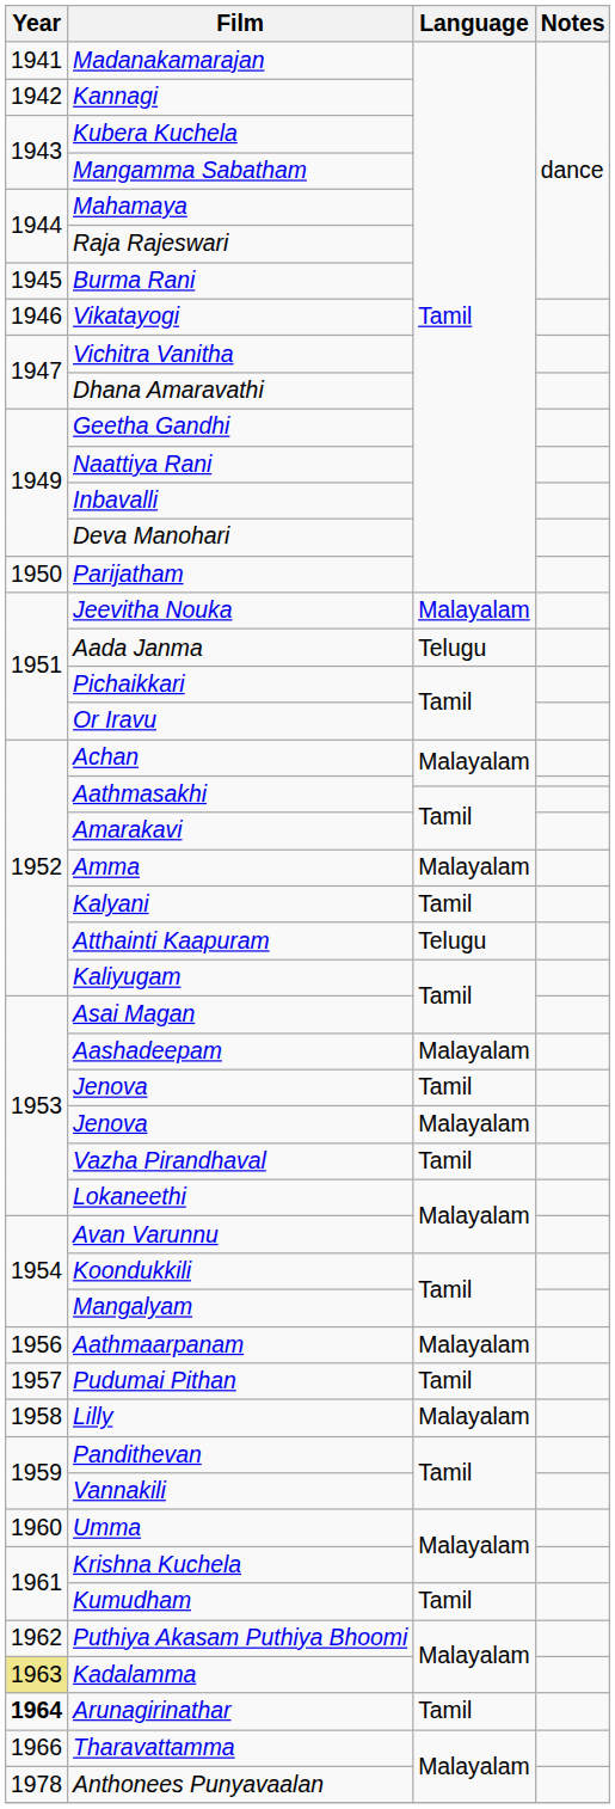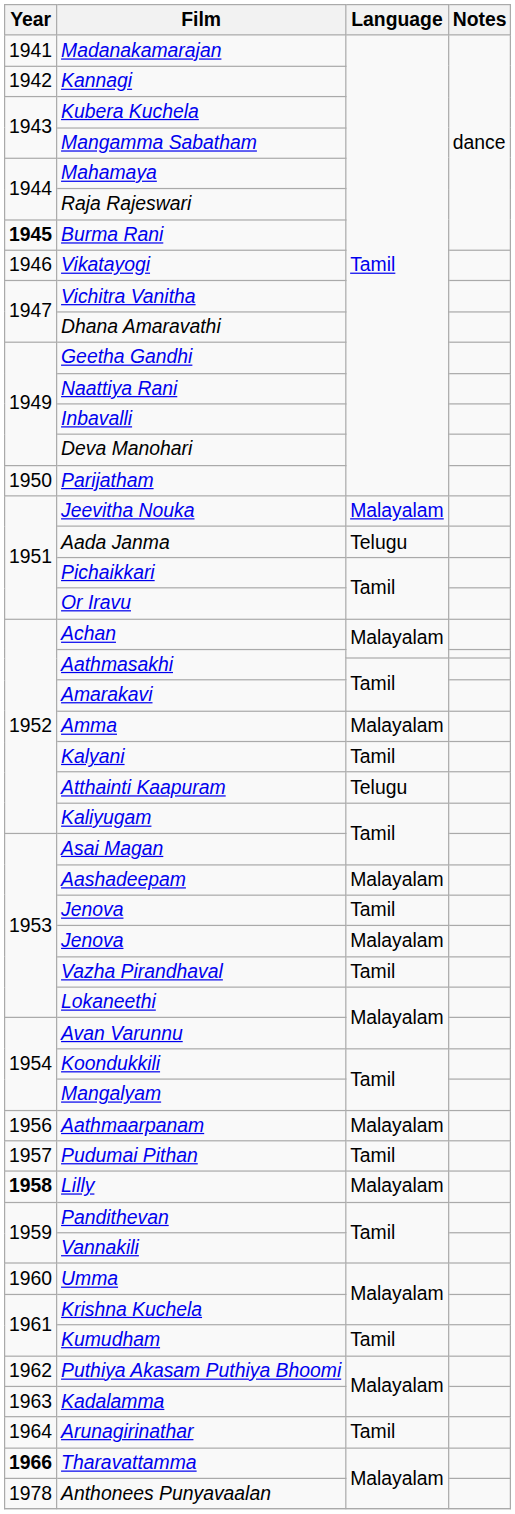 <table class="wikitable">
 <tr>
 <th>Year</th>
 <th>Film</th>
 <th>Language</th>
 <th>Notes</th>
 </tr>
 <tr>
 <td>1941</td>
 <td><em><a href='#'>Madanakamarajan</a></em></td>
 <td rowspan="15"><a href='#'>Tamil</a></td>
 <td rowspan="7">dance</td>
 </tr>
 <tr>
 <td>1942</td>
 <td><em><a href='#'>Kannagi</a></em></td>
 </tr>
 <tr>
 <td rowspan=2>1943</td>
 <td><em><a href='#'>Kubera Kuchela</a></em></td>
 </tr>
 <tr>
 <td><em><a href='#'>Mangamma Sabatham</a></em></td>
 </tr>
 <tr>
 <td rowspan=2>1944</td>
 <td><em><a href='#'>Mahamaya</a></em></td>
 </tr>
 <tr>
 <td><em>Raja Rajeswari</em></td>
 </tr>
 <tr>
-<td>1945</td>
+<td><strong>1945</strong></td>
 <td><em><a href='#'>Burma Rani</a></em></td>
 </tr>
 <tr>
 <td>1946</td>
 <td><em><a href='#'>Vikatayogi</a></em></td>
 <td></td>
 </tr>
 <tr>
 <td rowspan=2>1947</td>
 <td><em><a href='#'>Vichitra Vanitha</a></em></td>
 <td></td>
 </tr>
 <tr>
 <td><em>Dhana Amaravathi</em></td>
 <td></td>
 </tr>
 <tr>
 <td rowspan=4>1949</td>
 <td><em><a href='#'>Geetha Gandhi</a></em></td>
 <td></td>
 </tr>
 <tr>
 <td><em><a href='#'>Naattiya Rani</a></em></td>
 <td></td>
 </tr>
 <tr>
 <td><em><a href='#'>Inbavalli</a></em></td>
 <td></td>
 </tr>
 <tr>
 <td><em>Deva Manohari</em></td>
 <td></td>
 </tr>
 <tr>
 <td>1950</td>
 <td><em><a href='#'>Parijatham</a></em></td>
 <td></td>
 </tr>
 <tr>
 <td rowspan=4>1951</td>
 <td><em><a href='#'>Jeevitha Nouka</a></em></td>
 <td><a href='#'>Malayalam</a></td>
 <td></td>
 </tr>
 <tr>
 <td><em>Aada Janma</em></td>
 <td>Telugu</td>
 <td></td>
 </tr>
 <tr>
 <td><em><a href='#'>Pichaikkari</a></em></td>
 <td rowspan="2">Tamil</td>
 <td></td>
 </tr>
 <tr>
 <td><em><a href='#'>Or Iravu</a></em></td>
 <td></td>
 </tr>
 <tr>
 <td rowspan=8>1952</td>
 <td><em><a href='#'>Achan</a></em></td>
 <td rowspan="2">Malayalam</td>
 <td></td>
 </tr>
 <tr>
 <td rowspan="2"><em><a href='#'>Aathmasakhi</a></em></td>
 <td></td>
 </tr>
 <tr>
 <td rowspan="2">Tamil</td>
 <td></td>
 </tr>
 <tr>
 <td><em><a href='#'>Amarakavi</a></em></td>
 <td></td>
 </tr>
 <tr>
 <td><em><a href='#'>Amma</a></em></td>
 <td>Malayalam</td>
 <td></td>
 </tr>
 <tr>
 <td><em><a href='#'>Kalyani</a></em></td>
 <td>Tamil</td>
 <td></td>
 </tr>
 <tr>
 <td><em><a href='#'>Atthainti Kaapuram</a></em></td>
 <td>Telugu</td>
 <td></td>
 </tr>
 <tr>
 <td><em><a href='#'>Kaliyugam</a></em></td>
 <td rowspan="2">Tamil</td>
 <td></td>
 </tr>
 <tr>
 <td rowspan=6>1953</td>
 <td><em><a href='#'>Asai Magan</a></em></td>
 <td></td>
 </tr>
 <tr>
 <td><em><a href='#'>Aashadeepam</a></em></td>
 <td>Malayalam</td>
 <td></td>
 </tr>
 <tr>
 <td><em><a href='#'>Jenova</a></em></td>
 <td>Tamil</td>
 <td></td>
 </tr>
 <tr>
 <td><em><a href='#'>Jenova</a></em></td>
 <td>Malayalam</td>
 <td></td>
 </tr>
 <tr>
 <td><em><a href='#'>Vazha Pirandhaval</a></em></td>
 <td>Tamil</td>
 <td></td>
 </tr>
 <tr>
 <td><em><a href='#'>Lokaneethi</a></em></td>
 <td rowspan="2">Malayalam</td>
 <td></td>
 </tr>
 <tr>
 <td rowspan=3>1954</td>
 <td><em><a href='#'>Avan Varunnu</a></em></td>
 <td></td>
 </tr>
 <tr>
 <td><em><a href='#'>Koondukkili</a></em></td>
 <td rowspan="2">Tamil</td>
 <td></td>
 </tr>
 <tr>
 <td><em><a href='#'>Mangalyam</a></em></td>
 <td></td>
 </tr>
 <tr>
 <td>1956</td>
 <td><em><a href='#'>Aathmaarpanam</a></em></td>
 <td>Malayalam</td>
 <td></td>
 </tr>
 <tr>
 <td>1957</td>
 <td><em><a href='#'>Pudumai Pithan</a></em></td>
 <td>Tamil</td>
 <td></td>
 </tr>
 <tr>
-<td>1958</td>
+<td><strong>1958</strong></td>
 <td><em><a href='#'>Lilly</a></em></td>
 <td>Malayalam</td>
 <td></td>
 </tr>
 <tr>
 <td rowspan=2>1959</td>
 <td><em><a href='#'>Pandithevan</a></em></td>
 <td rowspan="2">Tamil</td>
 <td></td>
 </tr>
 <tr>
 <td><em><a href='#'>Vannakili</a></em></td>
 <td></td>
 </tr>
 <tr>
 <td>1960</td>
 <td><em><a href='#'>Umma</a></em></td>
 <td rowspan="2">Malayalam</td>
 <td></td>
 </tr>
 <tr>
 <td rowspan=2>1961</td>
 <td><em><a href='#'>Krishna Kuchela</a></em></td>
 <td></td>
 </tr>
 <tr>
 <td><em><a href='#'>Kumudham</a></em></td>
 <td>Tamil</td>
 <td></td>
 </tr>
 <tr>
 <td>1962</td>
 <td><em><a href='#'>Puthiya Akasam Puthiya Bhoomi</a></em></td>
 <td rowspan="2">Malayalam</td>
 <td></td>
 </tr>
 <tr>
-<td style="background: khaki;">1963</td>
+<td>1963</td>
 <td><em><a href='#'>Kadalamma</a></em></td>
 <td></td>
 </tr>
 <tr>
-<td><strong>1964</strong></td>
+<td>1964</td>
 <td><em><a href='#'>Arunagirinathar</a></em></td>
 <td>Tamil</td>
 <td></td>
 </tr>
 <tr>
-<td>1966</td>
+<td><strong>1966</strong></td>
 <td><em><a href='#'>Tharavattamma</a></em></td>
 <td rowspan="2">Malayalam</td>
 <td></td>
 </tr>
 <tr>
 <td>1978</td>
 <td><em>Anthonees Punyavaalan</em></td>
 <td></td>
 </tr>
 <tr>
 </tr>
 </table>
